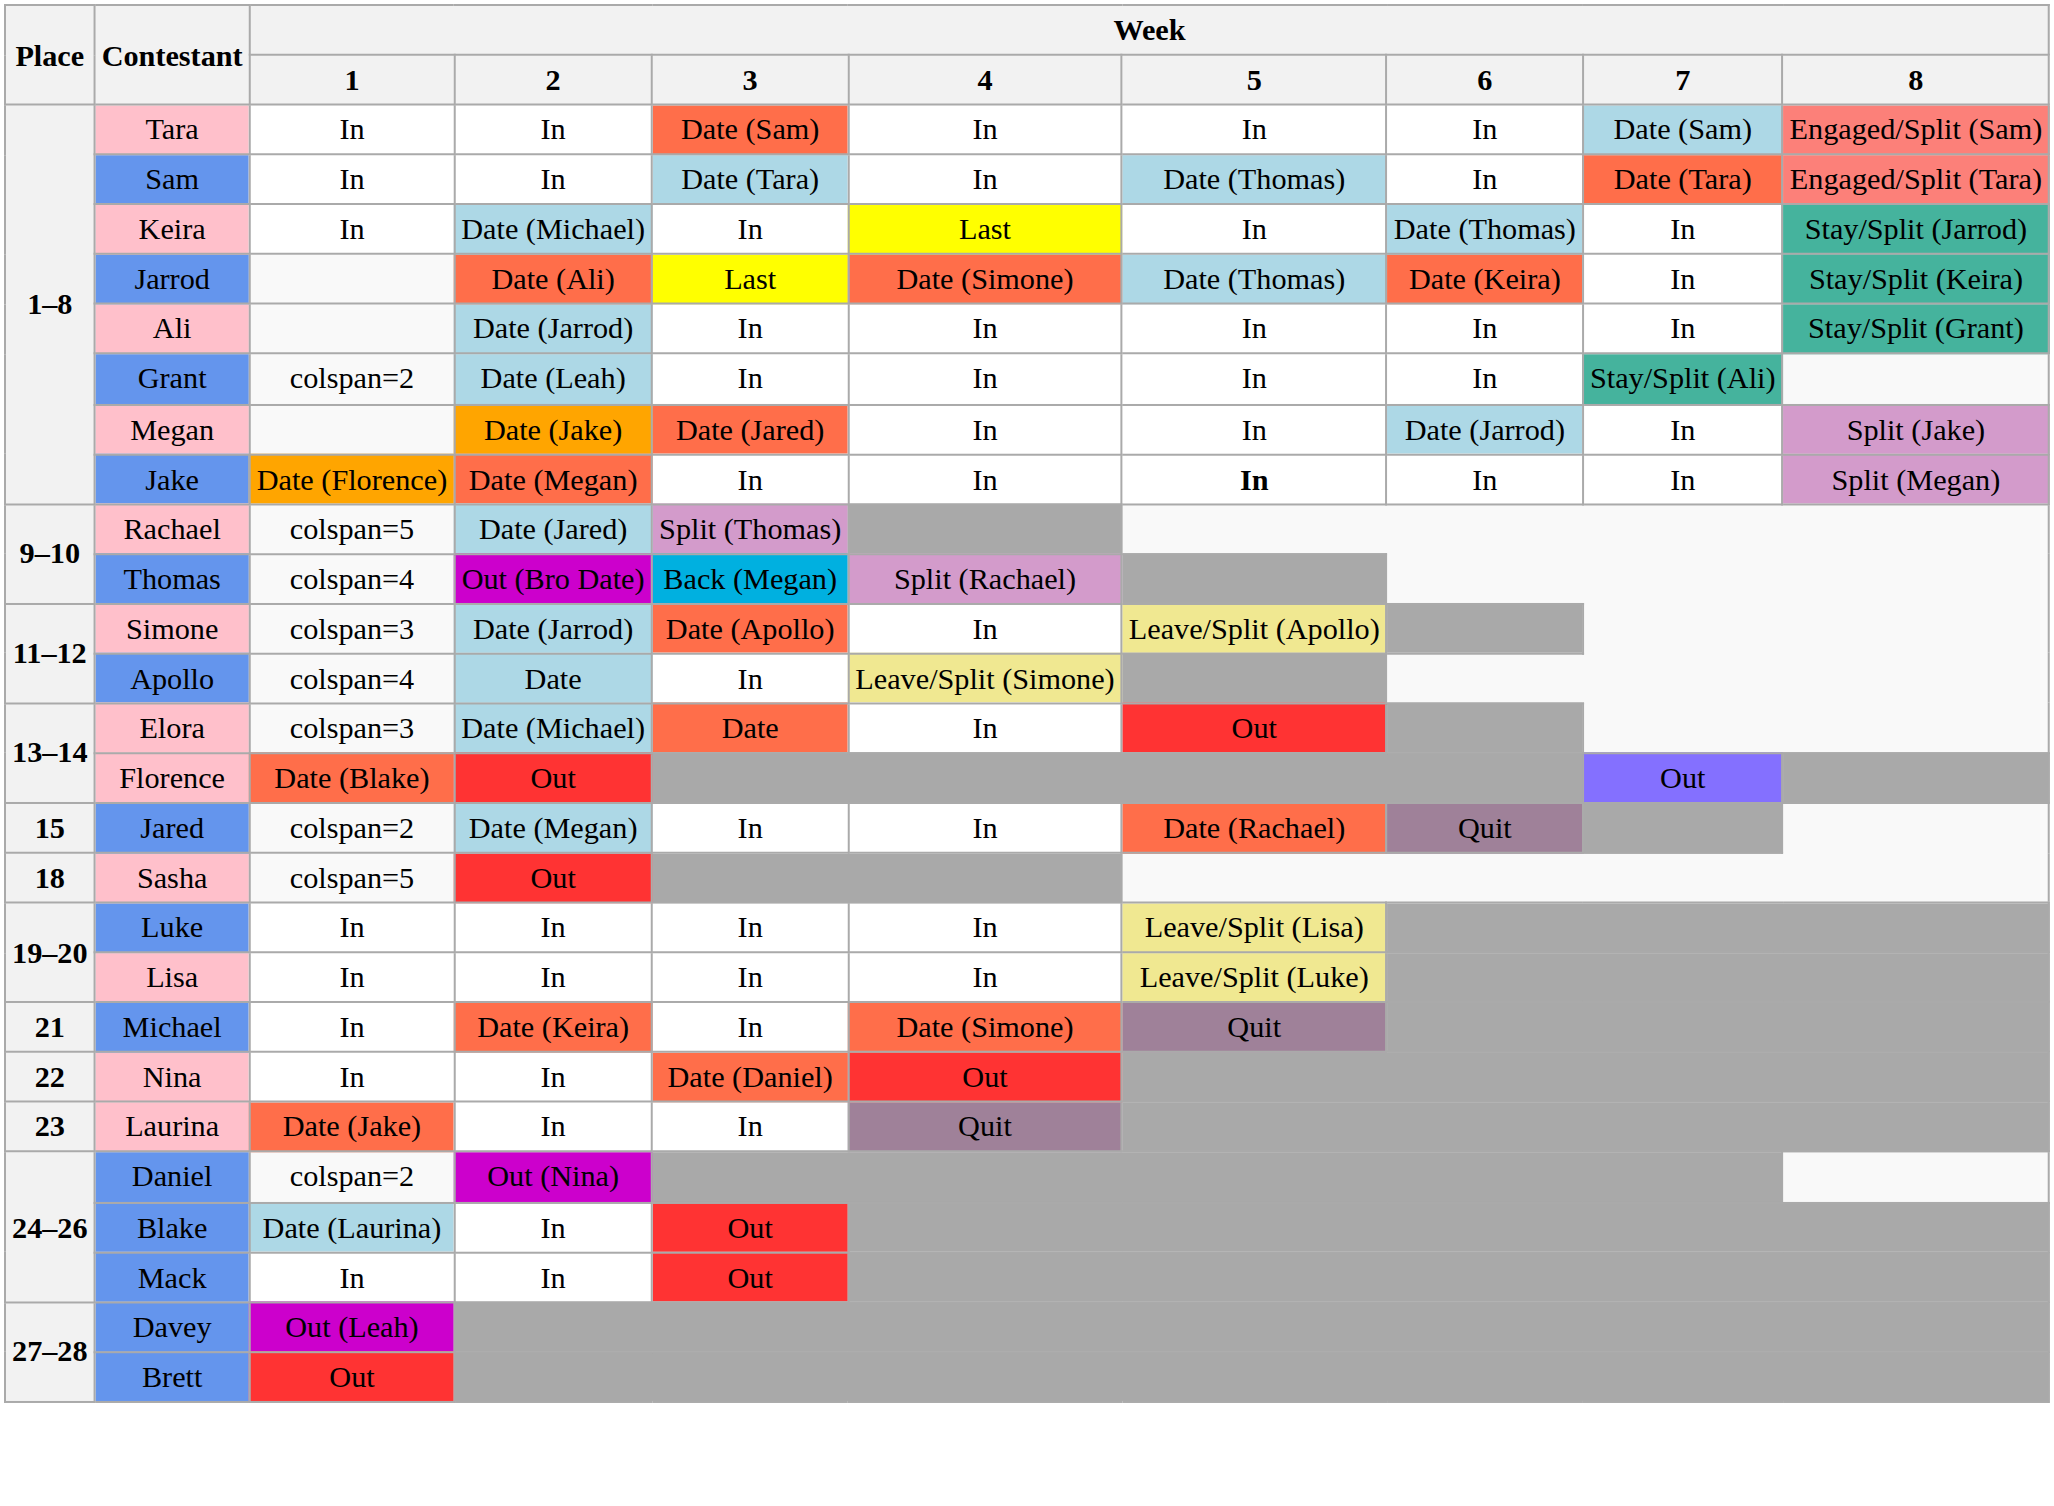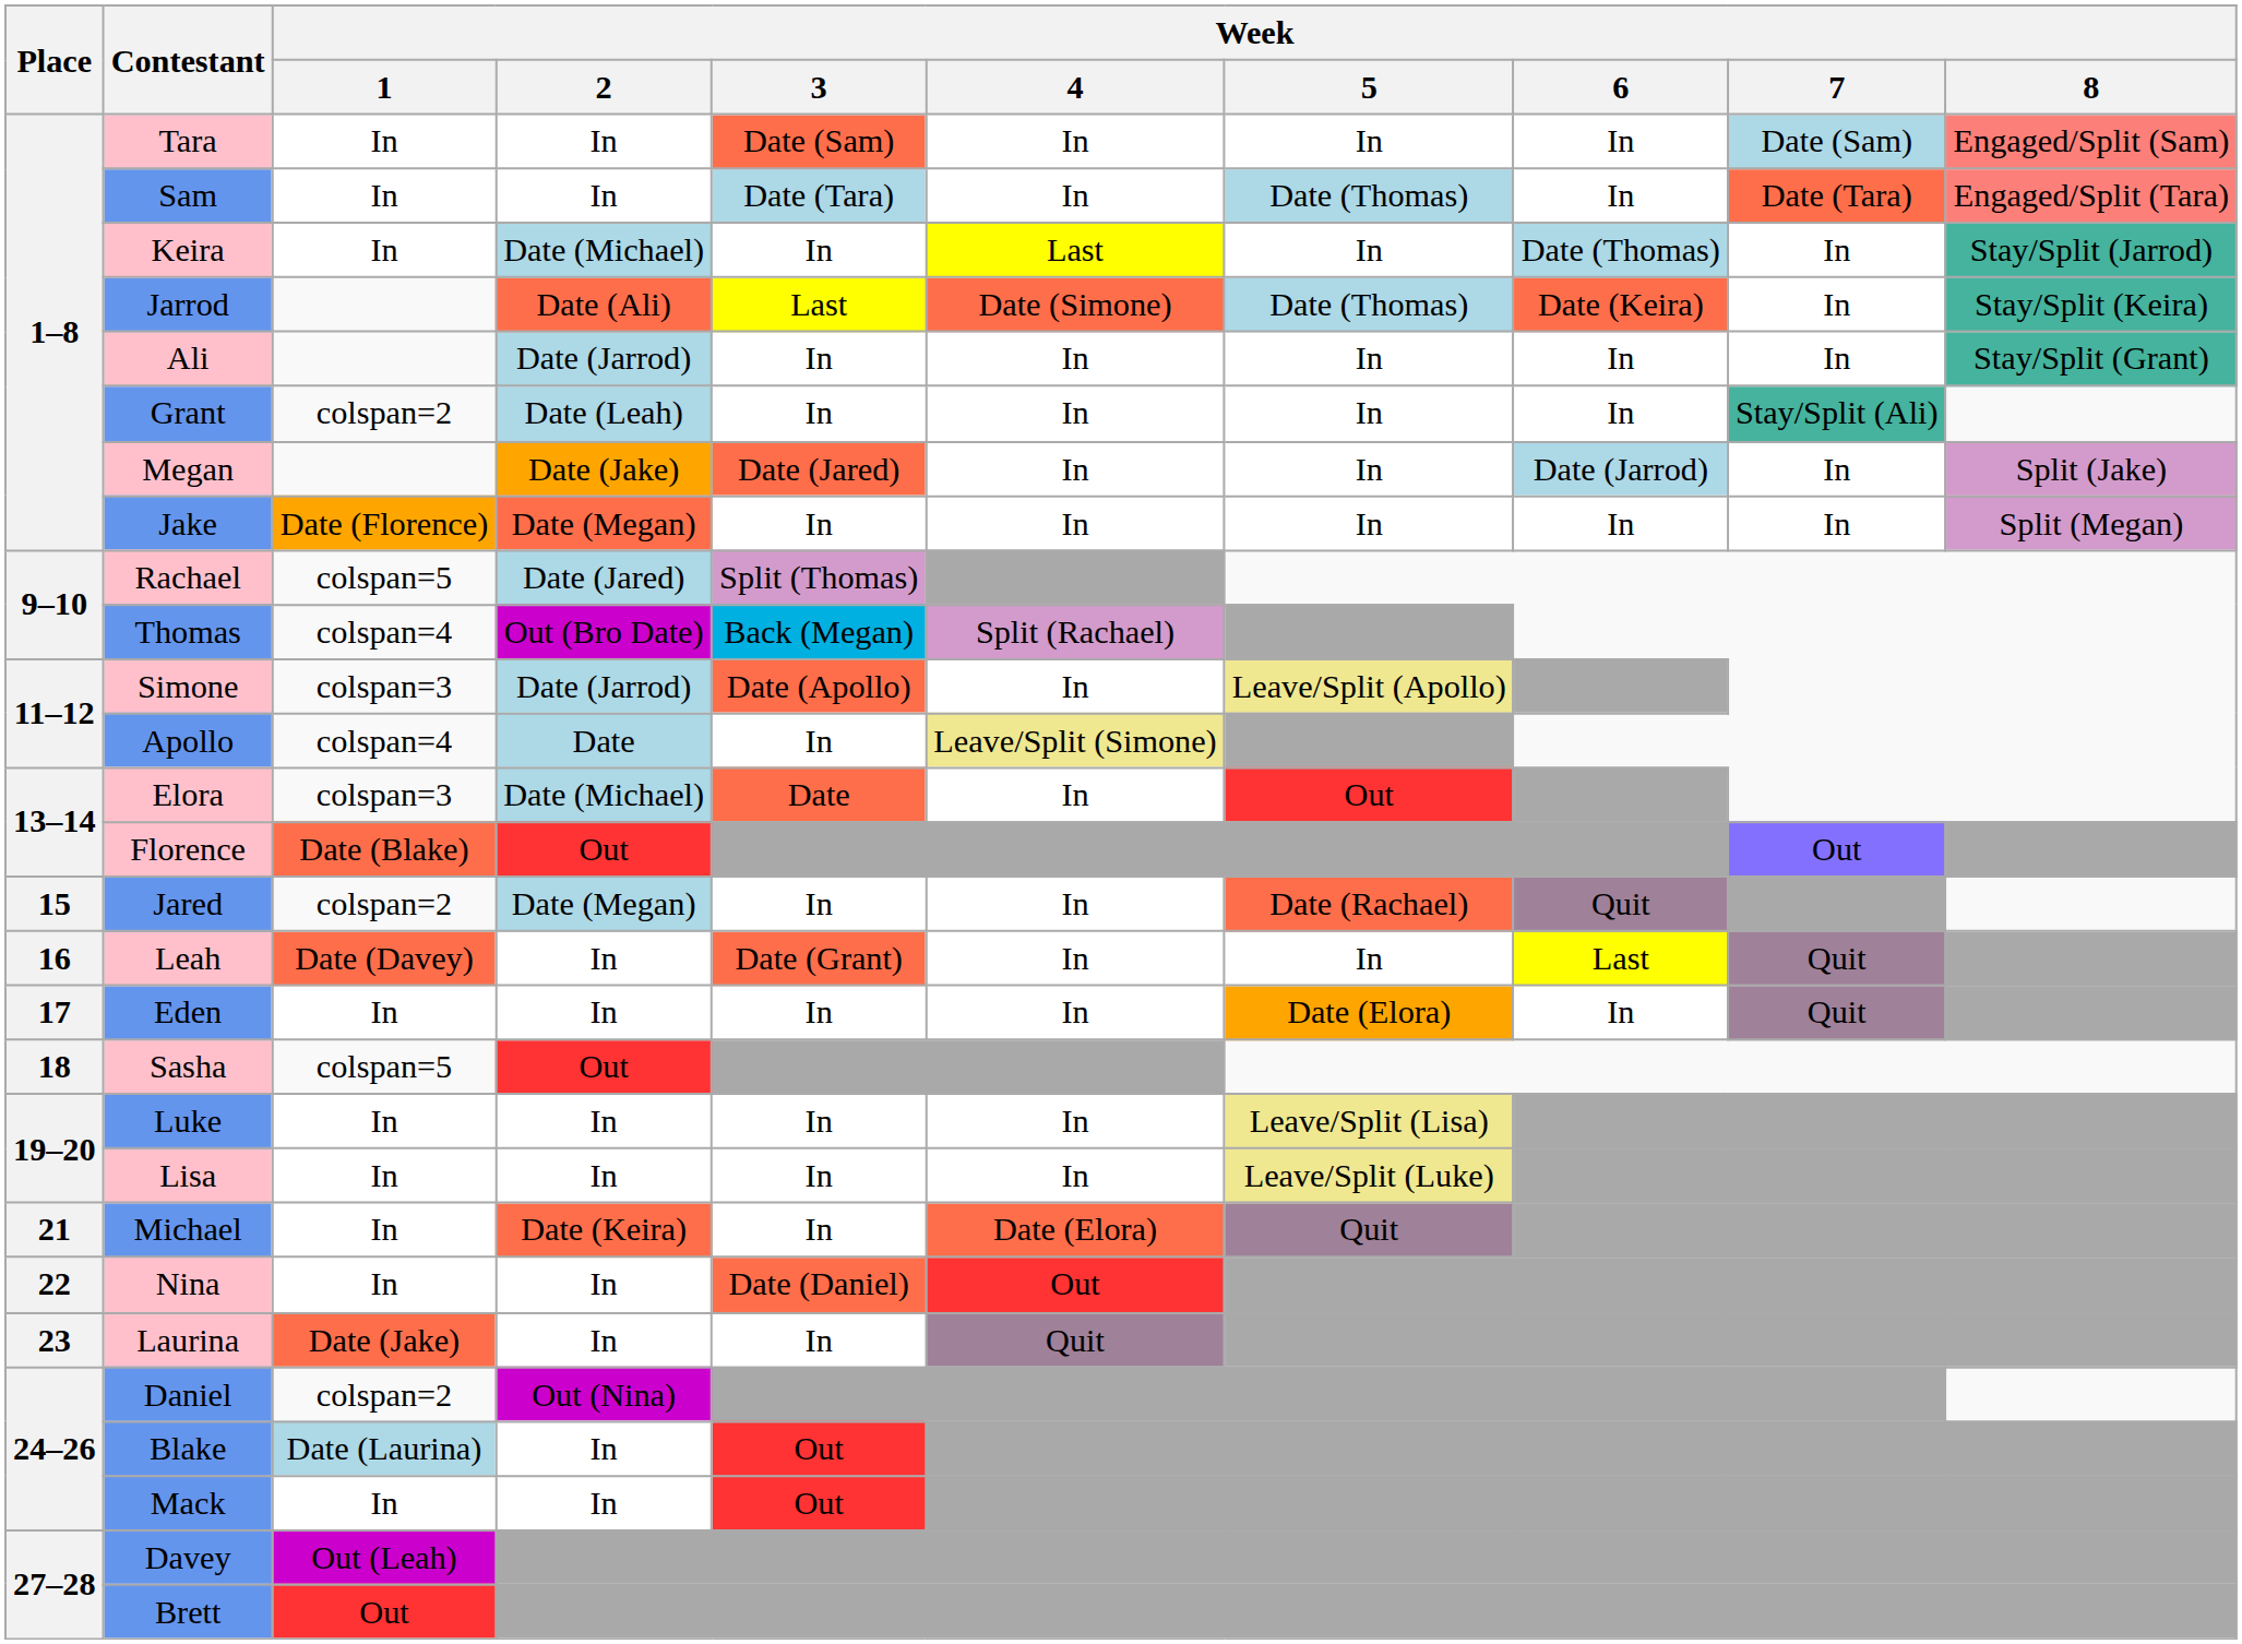 <table class="wikitable" style="text-align:center; font-size:95%">
 <tr>
 <th rowspan="2">Place</th>
 <th rowspan="2">Contestant</th>
 <th colspan="8">Week</th>
 </tr>
 <tr>
 <th>1</th>
 <th>2</th>
 <th>3</th>
 <th>4</th>
 <th>5</th>
 <th>6</th>
 <th>7</th>
 <th>8</th>
 </tr>
 <tr>
 <th rowspan=8>1–8</th>
 <td bgcolor="#ffc0cb">Tara</td>
 <td bgcolor="#FFFFFF">In</td>
 <td bgcolor="#FFFFFF">In</td>
 <td bgcolor="#FF6E4A">Date (Sam)</td>
 <td bgcolor="#FFFFFF">In</td>
 <td bgcolor="#FFFFFF">In</td>
 <td bgcolor="#FFFFFF">In</td>
 <td bgcolor="#ADD8E6">Date (Sam)</td>
 <td bgcolor="#FC8079">Engaged/Split (Sam)</td>
 </tr>
 <tr>
 <td bgcolor="#6495ed">Sam</td>
 <td bgcolor="#FFFFFF">In</td>
 <td bgcolor="#FFFFFF">In</td>
 <td bgcolor="#ADD8E6">Date (Tara)</td>
 <td bgcolor="#FFFFFF">In</td>
 <td bgcolor="#ADD8E6">Date (Thomas)</td>
 <td bgcolor="#FFFFFF">In</td>
 <td bgcolor="#FF6E4A">Date (Tara)</td>
 <td bgcolor="#FC8079">Engaged/Split (Tara)</td>
 </tr>
 <tr>
 <td bgcolor="#ffc0cb">Keira</td>
 <td bgcolor="#FFFFFF">In</td>
 <td bgcolor="#ADD8E6">Date (Michael)</td>
 <td bgcolor="#FFFFFF">In</td>
 <td bgcolor="#FFFF00">Last</td>
 <td bgcolor="#FFFFFF">In</td>
 <td bgcolor="#ADD8E6">Date (Thomas)</td>
 <td bgcolor="#FFFFFF">In</td>
 <td bgcolor="#45B39D">Stay/Split (Jarrod)</td>
 </tr>
 <tr>
 <td bgcolor="#6495ed">Jarrod</td>
 <td></td>
 <td bgcolor="FF6E4A">Date (Ali)</td>
 <td bgcolor="#FFFF00">Last</td>
 <td bgcolor="#FF6E4A">Date (Simone)</td>
 <td bgcolor="#ADD8E6">Date (Thomas)</td>
 <td bgcolor="#FF6E4A">Date (Keira)</td>
 <td bgcolor="#FFFFFF">In</td>
 <td bgcolor="#45B39D">Stay/Split (Keira)</td>
 </tr>
 <tr>
 <td bgcolor="#ffc0cb">Ali</td>
 <td></td>
 <td bgcolor="ADD8E6">Date (Jarrod)</td>
 <td bgcolor="#FFFFFF">In</td>
 <td bgcolor="#FFFFFF">In</td>
 <td bgcolor="#FFFFFF">In</td>
 <td bgcolor="#FFFFFF">In</td>
 <td bgcolor="#FFFFFF">In</td>
 <td bgcolor="#45B39D">Stay/Split (Grant)</td>
 </tr>
 <tr>
 <td bgcolor="#6495ed">Grant</td>
 <td>colspan=2 </td>
 <td bgcolor="#ADD8E6">Date (Leah)</td>
 <td bgcolor="#FFFFFF">In</td>
 <td bgcolor="#FFFFFF">In</td>
 <td bgcolor="#FFFFFF">In</td>
 <td bgcolor="#FFFFFF">In</td>
 <td bgcolor="#45B39D">Stay/Split (Ali)</td>
 </tr>
 <tr>
 <td bgcolor="#ffc0cb">Megan</td>
 <td></td>
 <td bgcolor="#FFA500">Date (Jake)</td>
 <td bgcolor="#FF6E4A">Date (Jared)</td>
 <td bgcolor="#FFFFFF">In</td>
 <td bgcolor="#FFFFFF">In</td>
 <td bgcolor="#ADD8E6">Date (Jarrod)</td>
 <td bgcolor="#FFFFFF">In</td>
 <td bgcolor="#D39BCB">Split (Jake)</td>
 </tr>
 <tr>
 <td bgcolor="#6495ed">Jake</td>
 <td bgcolor="#FFA500">Date (Florence)</td>
 <td bgcolor="FF6E4A">Date (Megan)</td>
 <td bgcolor="#FFFFFF">In</td>
 <td bgcolor="#FFFFFF">In</td>
-<td bgcolor="#FFFFFF"><strong>In</strong></td>
+<td bgcolor="#FFFFFF">In</td>
 <td bgcolor="#FFFFFF">In</td>
 <td bgcolor="#FFFFFF">In</td>
 <td bgcolor="#D39BCB">Split (Megan)</td>
 </tr>
 <tr>
 <th rowspan=2>9–10</th>
 <td bgcolor="#ffc0cb">Rachael</td>
 <td>colspan=5 </td>
 <td bgcolor="#ADD8E6">Date (Jared)</td>
 <td bgcolor="#D39BCB">Split (Thomas)</td>
 <td bgcolor="#a9a9a9" colspan="1"></td>
 </tr>
 <tr>
 <td bgcolor="#6495ed">Thomas</td>
 <td>colspan=4 </td>
 <td bgcolor="#CC00CC">Out (Bro Date)</td>
 <td bgcolor="#skyblue">Back (Megan)</td>
 <td bgcolor="#D39BCB">Split (Rachael)</td>
 <td bgcolor="#a9a9a9" colspan="1"></td>
 </tr>
 <tr>
 <th rowspan=2>11–12</th>
 <td bgcolor="#ffc0cb">Simone</td>
 <td>colspan=3 </td>
 <td bgcolor="#ADD8E6">Date (Jarrod)</td>
 <td bgcolor="#FF6E4A">Date (Apollo)</td>
 <td bgcolor="#FFFFFF">In</td>
 <td bgcolor="#F0E891">Leave/Split (Apollo)</td>
 <td bgcolor="#a9a9a9" colspan="1"></td>
 </tr>
 <tr>
 <td bgcolor="#6495ed">Apollo</td>
 <td>colspan=4 </td>
 <td bgcolor="#ADD8E6">Date</td>
 <td bgcolor="#FFFFFF">In</td>
 <td bgcolor="#F0E891">Leave/Split (Simone)</td>
 <td bgcolor="#a9a9a9" colspan="1"></td>
 </tr>
 <tr>
 <th rowspan=2>13–14</th>
 <td bgcolor="#ffc0cb">Elora</td>
 <td>colspan=3 </td>
 <td bgcolor="#ADD8E6">Date (Michael)</td>
 <td bgcolor="#FF6E4A">Date</td>
 <td bgcolor="#FFFFFF">In</td>
 <td bgcolor="#FF3333">Out</td>
 <td bgcolor="#a9a9a9" colspan="1"></td>
 </tr>
 <tr>
 <td bgcolor="#ffc0cb">Florence</td>
 <td bgcolor="#FF6E4A">Date (Blake)</td>
 <td bgcolor="#FF3333">Out</td>
 <td bgcolor="#a9a9a9" colspan="4"></td>
 <td bgcolor="#8470ff">Out</td>
 <td bgcolor="#a9a9a9" colspan="1"></td>
 </tr>
 <tr>
 <th>15</th>
 <td bgcolor="#6495ed">Jared</td>
 <td>colspan=2 </td>
 <td bgcolor="#ADD8E6">Date (Megan)</td>
 <td bgcolor="#FFFFFF">In</td>
 <td bgcolor="#FFFFFF">In</td>
 <td bgcolor="#FF6E4A">Date (Rachael)</td>
 <td bgcolor="#9F8199">Quit</td>
 <td bgcolor="#a9a9a9" colspan="1"></td>
 </tr>
 <tr>
+<th>16</th>
+<td bgcolor="#ffc0cb">Leah</td>
+<td bgcolor="#FF6E4A">Date (Davey)</td>
+<td bgcolor="#FFFFFF">In</td>
+<td bgcolor="#FF6E4A">Date (Grant)</td>
+<td bgcolor="#FFFFFF">In</td>
+<td bgcolor="#FFFFFF">In</td>
+<td bgcolor="#FFFF00">Last</td>
+<td bgcolor="#9F8199">Quit</td>
+<td bgcolor="#a9a9a9" colspan="1"></td>
+</tr>
+<tr>
+<th>17</th>
+<td bgcolor="#6495ed">Eden</td>
+<td bgcolor="#FFFFFF">In</td>
+<td bgcolor="#FFFFFF">In</td>
+<td bgcolor="#FFFFFF">In</td>
+<td bgcolor="#FFFFFF">In</td>
+<td bgcolor="#FFA500">Date (Elora)</td>
+<td bgcolor="#FFFFFF">In</td>
+<td bgcolor="#9F8199">Quit</td>
+<td bgcolor="#a9a9a9" colspan="1"></td>
+</tr>
+<tr>
 <th>18</th>
 <td bgcolor="#ffc0cb">Sasha</td>
 <td>colspan=5 </td>
 <td bgcolor="#FF3333">Out</td>
 <td bgcolor="#a9a9a9" colspan="2"></td>
 </tr>
 <tr>
 <th rowspan=2>19–20</th>
 <td bgcolor="#6495ed">Luke</td>
 <td bgcolor="#FFFFFF">In</td>
 <td bgcolor="FFFFFF">In</td>
 <td bgcolor="#FFFFFF">In</td>
 <td bgcolor="#FFFFFF">In</td>
 <td bgcolor="#F0E891">Leave/Split (Lisa)</td>
 <td bgcolor="#a9a9a9" colspan="3"></td>
 </tr>
 <tr>
 <td bgcolor="#ffc0cb">Lisa</td>
 <td bgcolor="#FFFFFF">In</td>
 <td bgcolor="#FFFFFF">In</td>
 <td bgcolor="#FFFFFF">In</td>
 <td bgcolor="#FFFFFF">In</td>
 <td bgcolor="#F0E891">Leave/Split (Luke)</td>
 <td bgcolor="#a9a9a9" colspan="3"></td>
 </tr>
 <tr>
 <th>21</th>
 <td bgcolor="#6495ed">Michael</td>
 <td bgcolor="#FFFFFF">In</td>
 <td bgcolor="FF6E4A">Date (Keira)</td>
 <td bgcolor="#FFFFFF">In</td>
-<td bgcolor="#FF6E4A">Date (Simone)</td>
+<td bgcolor="#FF6E4A">Date (Elora)</td>
 <td bgcolor="#9F8199">Quit</td>
 <td bgcolor="#a9a9a9" colspan="3"></td>
 </tr>
 <tr>
 <th>22</th>
 <td bgcolor="#ffc0cb">Nina</td>
 <td bgcolor="#FFFFFF">In</td>
 <td bgcolor="#FFFFFF">In</td>
 <td bgcolor="#FF6E4A">Date (Daniel)</td>
 <td bgcolor="#FF3333">Out</td>
 <td bgcolor="#a9a9a9" colspan="4"></td>
 </tr>
 <tr>
 <th>23</th>
 <td bgcolor="#ffc0cb">Laurina</td>
 <td bgcolor="#FF6E4A">Date (Jake)</td>
 <td bgcolor="#FFFFFF">In</td>
 <td bgcolor="#FFFFFF">In</td>
 <td bgcolor="#9F8199">Quit</td>
 <td bgcolor="#a9a9a9" colspan="4"></td>
 </tr>
 <tr>
 <th rowspan=3>24–26</th>
 <td bgcolor="#6495ed">Daniel</td>
 <td>colspan=2 </td>
 <td bgcolor="#CC00CC">Out (Nina)</td>
 <td bgcolor="#a9a9a9" colspan="5"></td>
 </tr>
 <tr>
 <td bgcolor="#6495ed">Blake</td>
 <td bgcolor="#ADD8E6">Date (Laurina)</td>
 <td bgcolor="#FFFFFF">In</td>
 <td bgcolor="#FF3333">Out</td>
 <td bgcolor="#a9a9a9" colspan="5"></td>
 </tr>
 <tr>
 <td bgcolor="#6495ed">Mack</td>
 <td bgcolor="#FFFFFF">In</td>
 <td bgcolor="#FFFFFF">In</td>
 <td bgcolor="#FF3333">Out</td>
 <td bgcolor="#a9a9a9" colspan="5"></td>
 </tr>
 <tr>
 <th rowspan=2>27–28</th>
 <td bgcolor="#6495ed">Davey</td>
 <td bgcolor="#CC00CC">Out (Leah)</td>
 <td bgcolor="#a9a9a9" colspan="7"></td>
 </tr>
 <tr>
 <td bgcolor="#6495ed">Brett</td>
 <td bgcolor="#FF3333">Out</td>
 <td bgcolor="#a9a9a9" colspan="7"></td>
 </tr>
 </table>
